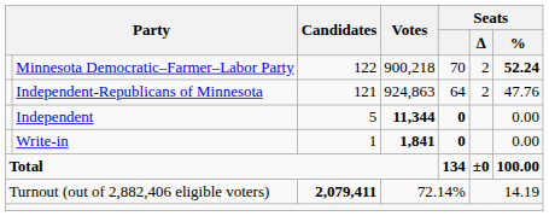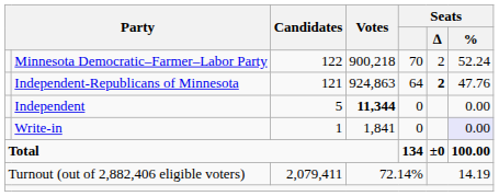 <table class="wikitable">
 <tr>
 <th rowspan="2" colspan="2">Party</th>
 <th rowspan="2">Candidates</th>
 <th rowspan="2" colspan="1">Votes</th>
 <th colspan="3">Seats</th>
 </tr>
 <tr>
 <th></th>
 <th>∆</th>
 <th>%</th>
 </tr>
 <tr>
 <td style="background-color:"></td>
 <td><a href='#'>Minnesota Democratic–Farmer–Labor Party</a></td>
 <td align="right">122</td>
 <td align="right">900,218</td>
 <td align="right">70</td>
 <td align="right">2</td>
-<td align="right"><strong>52.24</strong></td>
+<td align="right">52.24</td>
 </tr>
 <tr>
 <td style="background-color:"></td>
 <td><a href='#'>Independent-Republicans of Minnesota</a></td>
 <td align="right">121</td>
 <td align="right">924,863</td>
 <td align="right">64</td>
-<td align="right">2</td>
+<td align="right"><strong>2</strong></td>
 <td align="right">47.76</td>
 </tr>
 <tr>
 <td style="background-color:"></td>
 <td><a href='#'>Independent</a></td>
 <td align="right">5</td>
 <td align="right"><strong>11,344</strong></td>
-<td align="right"><strong>0</strong></td>
+<td align="right">0</td>
 <td align="right"></td>
 <td align="right">0.00</td>
 </tr>
 <tr>
 <td style="background-color:"></td>
 <td><a href='#'>Write-in</a></td>
 <td align="right">1</td>
-<td align="right"><strong>1,841</strong></td>
-<td align="right"><strong>0</strong></td>
+<td align="right">1,841</td>
+<td align="right">0</td>
 <td align="right"></td>
-<td align="right">0.00</td>
+<td align="right" style="background: lavender;">0.00</td>
 </tr>
 <tr>
 <td colspan="4" align="left"><strong>Total</strong></td>
 <td align="right"><strong>134</strong></td>
 <td align="right"><strong>±0</strong></td>
 <td align="right"><strong>100.00</strong></td>
 </tr>
 <tr>
 <td colspan="2" align="left">Turnout (out of 2,882,406 eligible voters)</td>
-<td colspan="1" align="right"><strong>2,079,411</strong></td>
+<td colspan="1" align="right">2,079,411</td>
 <td colspan="2" align="right">72.14%</td>
 <td colspan="2" align="right">14.19 </td>
 </tr>
 <tr>
 <td colspan="7"></td>
 </tr>
 </table>
